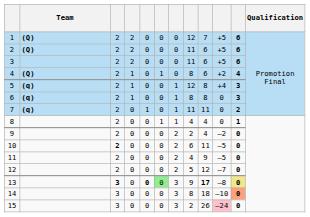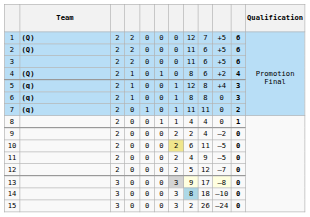 <table class="wikitable" style="text-align: center; font-size: 92%;">
 <tr>
 <th height=40 width="20"></th>
 <th width="145">Team</th>
 <th width="18"></th>
 <th width="20"></th>
 <th width="18"></th>
 <th width="18"></th>
 <th width="20"></th>
 <th width="18"></th>
 <th width="18"></th>
 <th width="25"></th>
 <th width="18"></th>
 <th width=90>Qualification</th>
 </tr>
 <tr style="background-color: #b8def6">
 <td>1</td>
 <td align=left> <strong>(Q)</strong> </td>
 <td>2</td>
 <td>2</td>
 <td>0</td>
 <td>0</td>
 <td>0</td>
 <td>12</td>
 <td>7</td>
 <td>+5</td>
 <td><strong>6</strong></td>
 <td rowspan="7"><br>Promotion<br>Final</td>
 </tr>
 <tr style="background-color: #b8def6">
 <td>2</td>
 <td align=left> <strong>(Q)</strong> </td>
 <td>2</td>
 <td>2</td>
 <td>0</td>
 <td>0</td>
 <td>0</td>
 <td>11</td>
 <td>6</td>
 <td>+5</td>
 <td><strong>6</strong></td>
 </tr>
 <tr style="background-color: #b8def6">
 <td>3</td>
 <td align=left> </td>
 <td>2</td>
 <td>2</td>
 <td>0</td>
 <td>0</td>
 <td>0</td>
 <td>11</td>
 <td>6</td>
 <td>+5</td>
 <td><strong>6</strong></td>
 </tr>
 <tr style="background-color: #b8def6; border-bottom: 2px solid #999999">
 <td>4</td>
 <td align=left> <strong>(Q)</strong> </td>
 <td>2</td>
 <td>1</td>
 <td>0</td>
 <td>1</td>
 <td>0</td>
 <td>8</td>
 <td>6</td>
 <td>+2</td>
 <td><strong>4</strong></td>
 </tr>
 <tr style="background-color: #b8def6">
 <td>5</td>
 <td align=left> <strong>(q)</strong> </td>
 <td>2</td>
 <td>1</td>
 <td>0</td>
 <td>0</td>
 <td>1</td>
 <td>12</td>
 <td>8</td>
 <td>+4</td>
 <td><strong>3</strong></td>
 </tr>
 <tr style="background-color: #b8def6">
 <td>6</td>
 <td align=left> <strong>(q)</strong> </td>
 <td>2</td>
 <td>1</td>
 <td>0</td>
 <td>0</td>
 <td>1</td>
 <td>8</td>
 <td>8</td>
 <td>0</td>
 <td><strong>3</strong></td>
 </tr>
 <tr style="background-color: #b8def6">
 <td>7</td>
 <td align=left> <strong>(q)</strong> </td>
 <td>2</td>
 <td>0</td>
 <td>1</td>
 <td>0</td>
 <td>1</td>
 <td>11</td>
 <td>11</td>
 <td>0</td>
 <td><strong>2</strong></td>
 </tr>
 <tr>
 <td>8</td>
 <td align=left> </td>
 <td>2</td>
 <td>0</td>
 <td>0</td>
 <td>1</td>
 <td>1</td>
 <td>4</td>
 <td>4</td>
 <td>0</td>
 <td><strong>1</strong></td>
 <td rowspan="8"></td>
 </tr>
 <tr style="border-top: 2px solid #999999">
 <td>9</td>
 <td align=left> </td>
 <td>2</td>
 <td>0</td>
 <td>0</td>
 <td>0</td>
 <td>2</td>
 <td>2</td>
 <td>4</td>
 <td>–2</td>
 <td><strong>0</strong></td>
 </tr>
 <tr>
 <td>10</td>
 <td align=left> </td>
-<td><strong>2</strong></td>
+<td>2</td>
 <td>0</td>
 <td>0</td>
 <td>0</td>
-<td>2</td>
+<td style="background: khaki;">2</td>
 <td>6</td>
 <td>11</td>
 <td>–5</td>
 <td><strong>0</strong></td>
 </tr>
 <tr>
 <td>11</td>
 <td align=left> </td>
 <td>2</td>
 <td>0</td>
 <td>0</td>
 <td>0</td>
 <td>2</td>
 <td>4</td>
 <td>9</td>
 <td>–5</td>
 <td><strong>0</strong></td>
 </tr>
 <tr style="border-bottom: 2px solid #999999">
 <td>12</td>
 <td align=left> </td>
 <td>2</td>
 <td>0</td>
 <td>0</td>
 <td>0</td>
 <td>2</td>
 <td>5</td>
 <td>12</td>
 <td>–7</td>
 <td><strong>0</strong></td>
 </tr>
 <tr>
 <td>13</td>
 <td align=left> </td>
-<td><strong>3</strong></td>
+<td>3</td>
 <td>0</td>
+<td>0</td>
+<td>0</td>
+<td style="background: lightgrey;">3</td>
+<td style="background: lightyellow;">9</td>
+<td>17</td>
+<td style="background: lightyellow;">–8</td>
 <td><strong>0</strong></td>
-<td style="background: lightgreen;">0</td>
-<td>3</td>
-<td>9</td>
-<td><strong>17</strong></td>
-<td>–8</td>
-<td style="background: khaki;"><strong>0</strong></td>
 </tr>
 <tr>
 <td>14</td>
 <td align=left> </td>
 <td>3</td>
 <td>0</td>
 <td>0</td>
 <td>0</td>
 <td>3</td>
-<td>8</td>
+<td style="background: lightblue;">8</td>
 <td>18</td>
 <td>–10</td>
-<td style="background: lightsalmon;"><strong>0</strong></td>
+<td><strong>0</strong></td>
 </tr>
 <tr>
 <td>15</td>
 <td align=left> </td>
 <td>3</td>
 <td>0</td>
 <td>0</td>
 <td>0</td>
 <td>3</td>
 <td>2</td>
 <td>26</td>
-<td style="background: pink;">–24</td>
+<td>–24</td>
 <td><strong>0</strong></td>
 </tr>
 </table>
